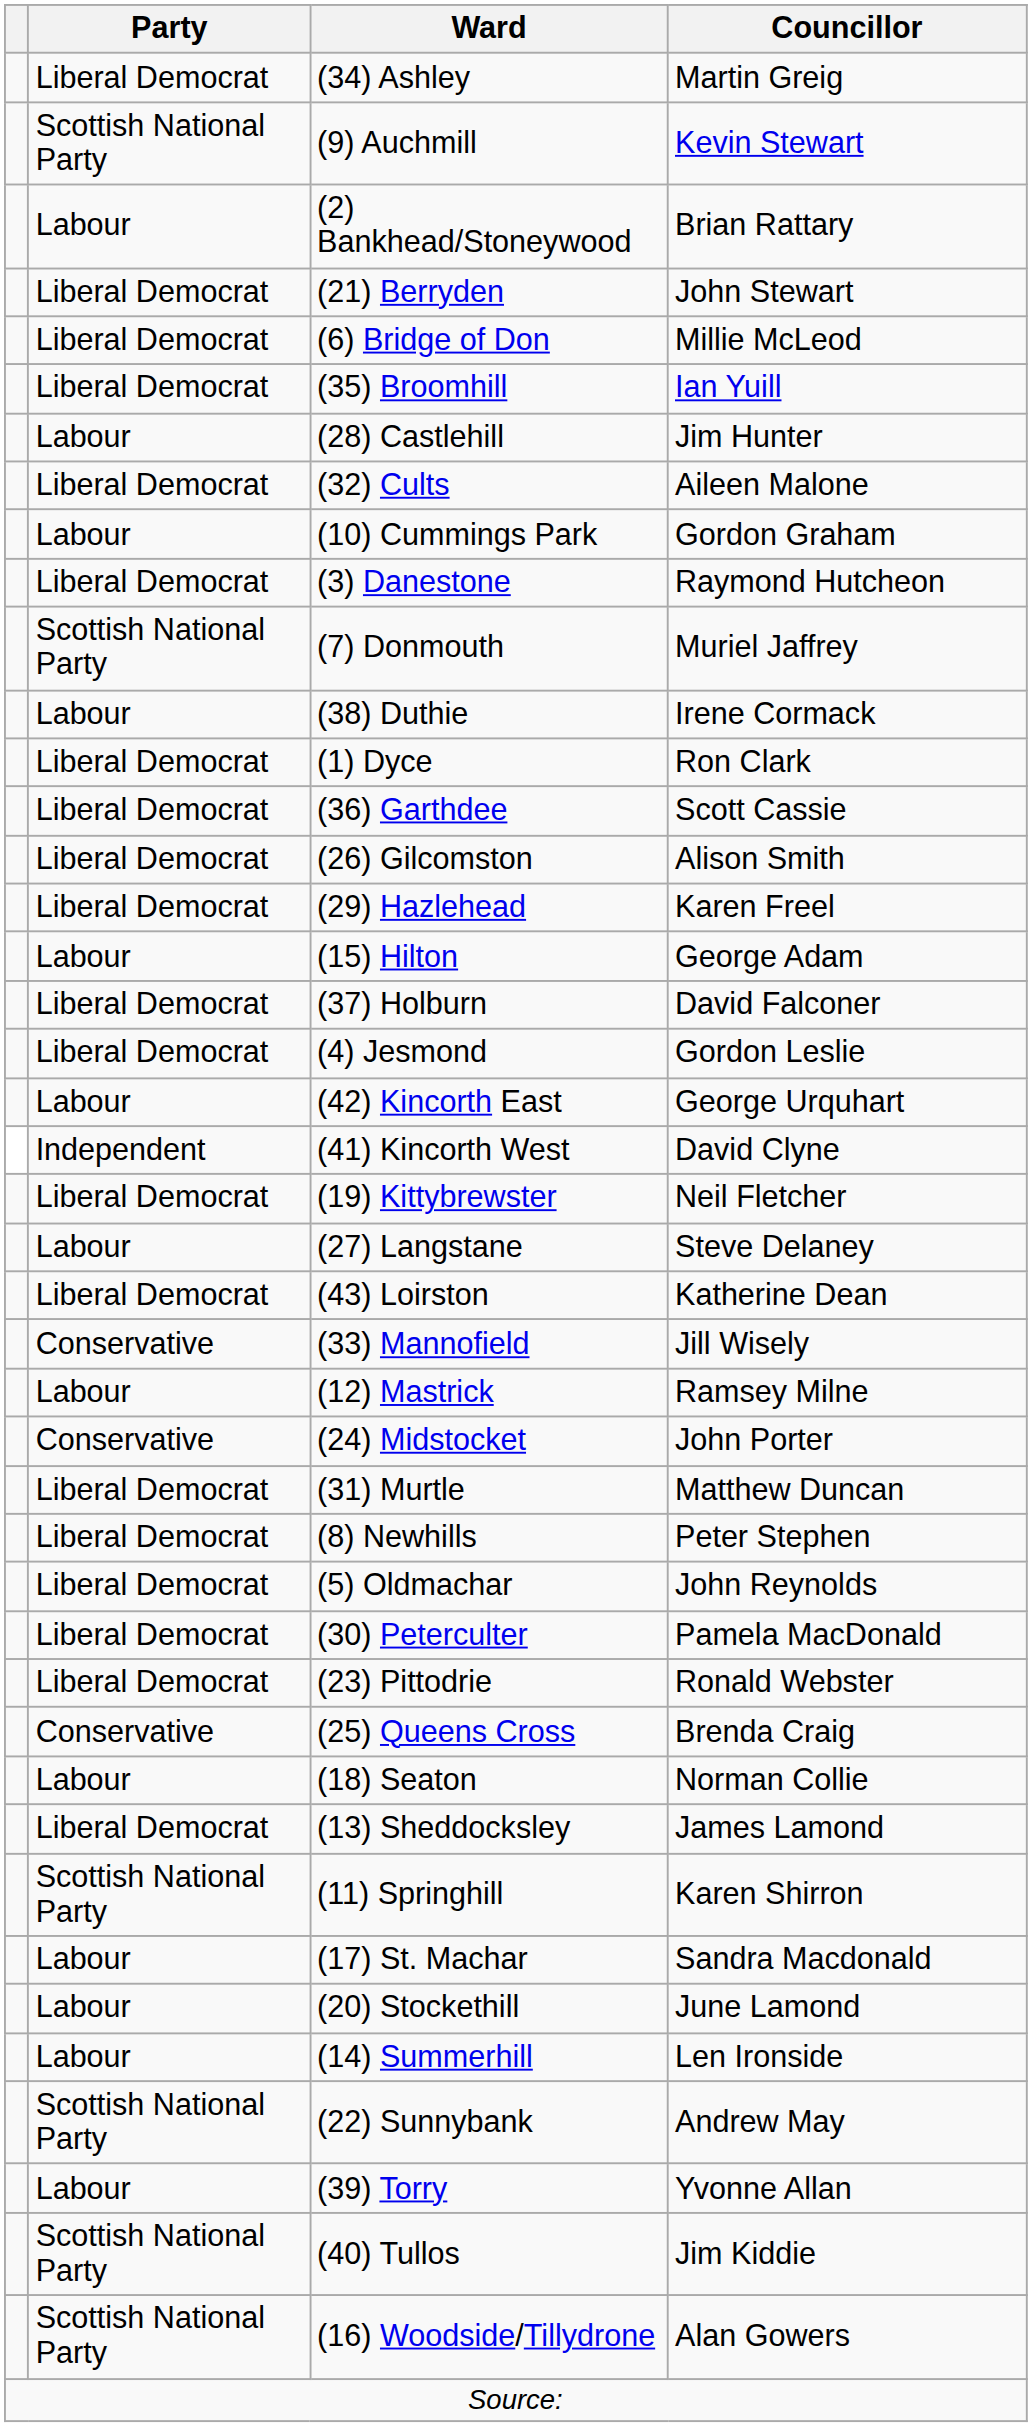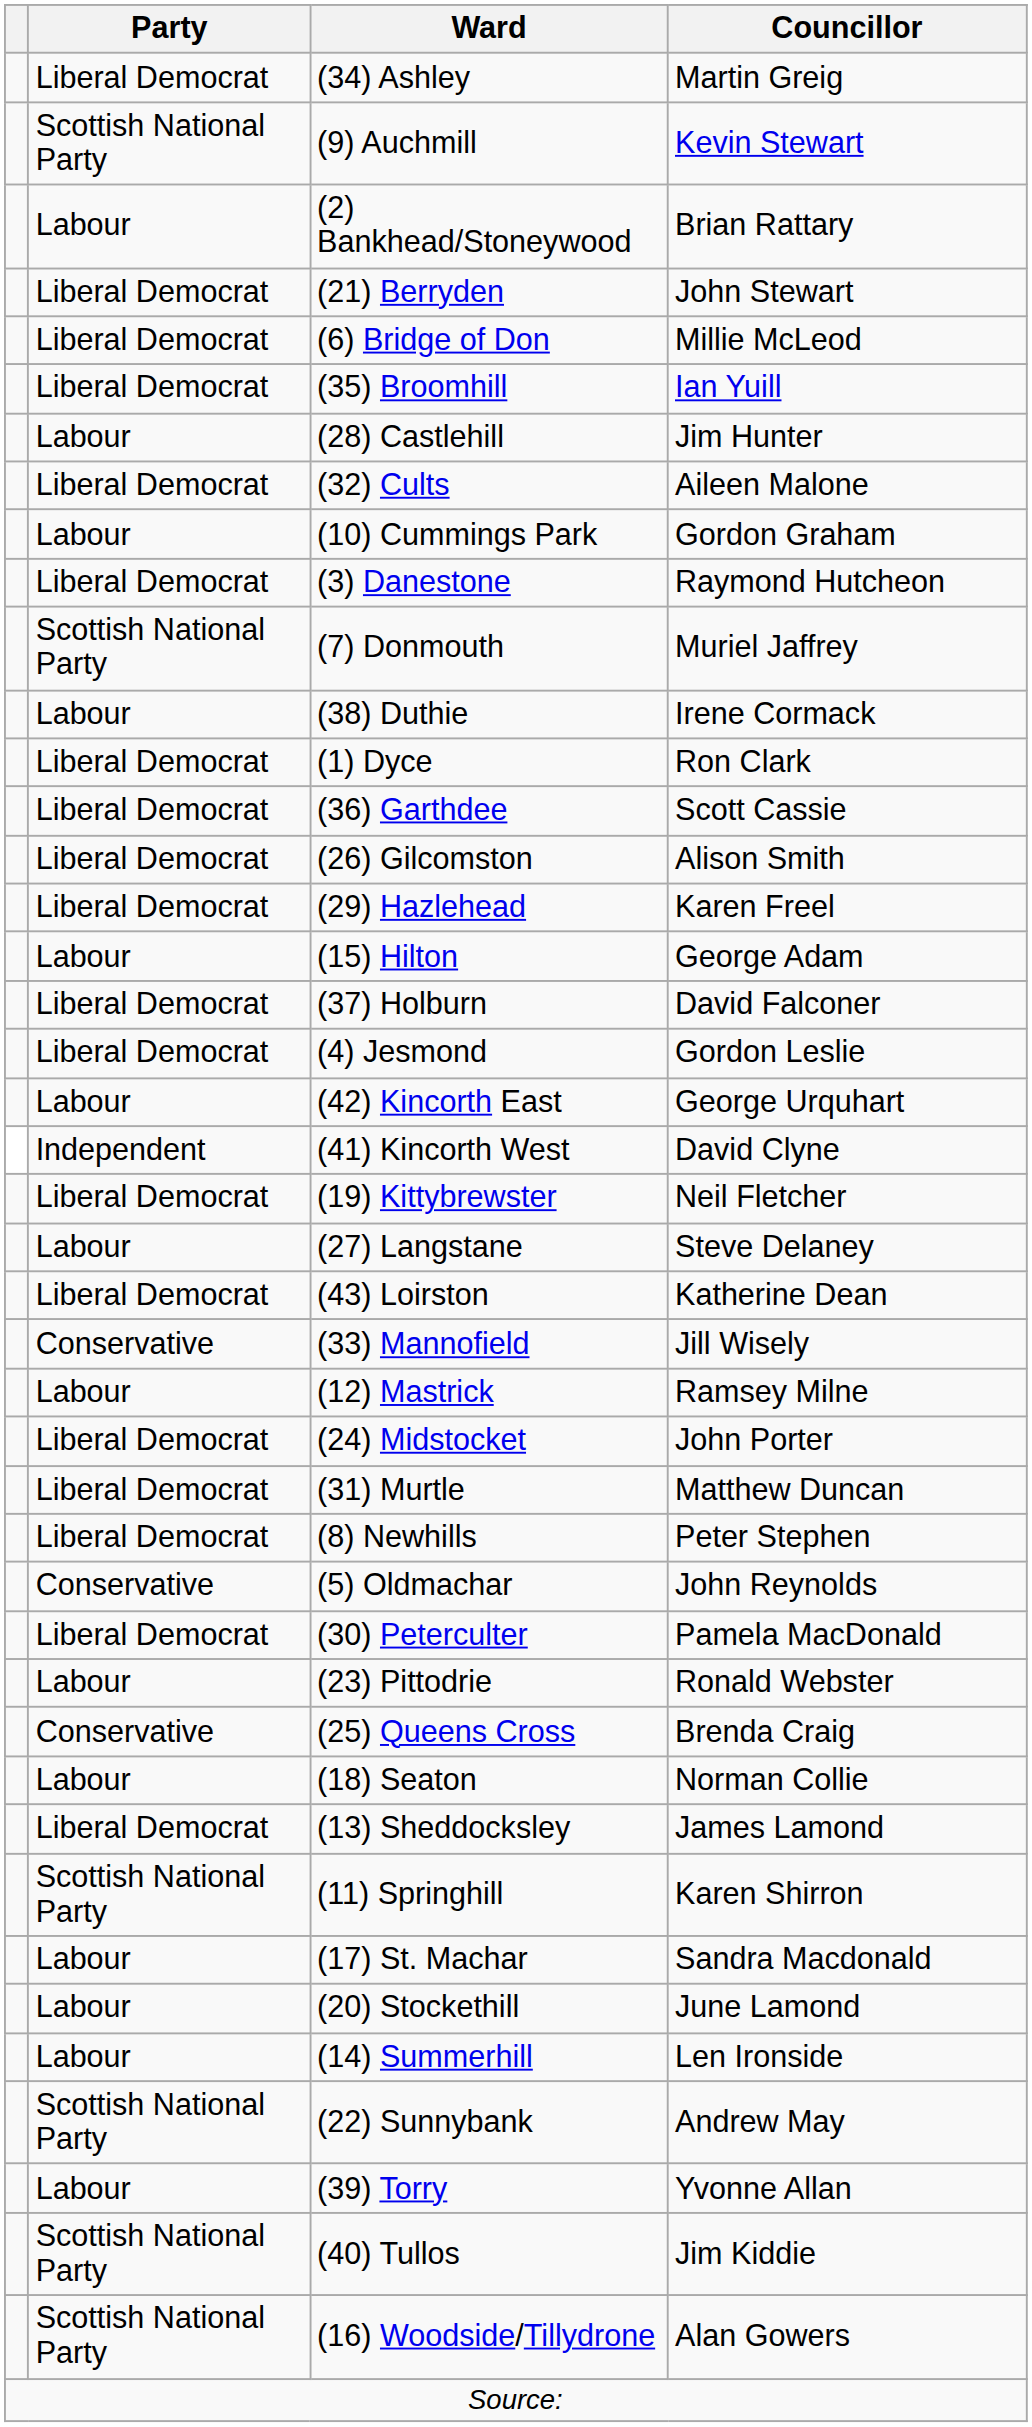 <table class="wikitable">
 <tr>
 <th width="5"></th>
 <th width="140">Party</th>
 <th width="180">Ward</th>
 <th width="180">Councillor</th>
 </tr>
 <tr>
 <td></td>
 <td>Liberal Democrat</td>
 <td>(34) Ashley</td>
 <td>Martin Greig</td>
 </tr>
 <tr>
 <td></td>
 <td>Scottish National Party</td>
 <td>(9) Auchmill</td>
 <td><a href='#'>Kevin Stewart</a></td>
 </tr>
 <tr>
 <td></td>
 <td>Labour</td>
 <td>(2) Bankhead/Stoneywood</td>
 <td>Brian Rattary</td>
 </tr>
 <tr>
 <td></td>
 <td>Liberal Democrat</td>
 <td>(21) <a href='#'>Berryden</a></td>
 <td>John Stewart</td>
 </tr>
 <tr>
 <td></td>
 <td>Liberal Democrat</td>
 <td>(6) <a href='#'>Bridge of Don</a></td>
 <td>Millie McLeod</td>
 </tr>
 <tr>
 <td></td>
 <td>Liberal Democrat</td>
 <td>(35) <a href='#'>Broomhill</a></td>
 <td><a href='#'>Ian Yuill</a></td>
 </tr>
 <tr>
 <td></td>
 <td>Labour</td>
 <td>(28) Castlehill</td>
 <td>Jim Hunter</td>
 </tr>
 <tr>
 <td></td>
 <td>Liberal Democrat</td>
 <td>(32) <a href='#'>Cults</a></td>
 <td>Aileen Malone</td>
 </tr>
 <tr>
 <td></td>
 <td>Labour</td>
 <td>(10) Cummings Park</td>
 <td>Gordon Graham</td>
 </tr>
 <tr>
 <td></td>
 <td>Liberal Democrat</td>
 <td>(3) <a href='#'>Danestone</a></td>
 <td>Raymond Hutcheon</td>
 </tr>
 <tr>
 <td></td>
 <td>Scottish National Party</td>
 <td>(7) Donmouth</td>
 <td>Muriel Jaffrey</td>
 </tr>
 <tr>
 <td></td>
 <td>Labour</td>
 <td>(38) Duthie</td>
 <td>Irene Cormack</td>
 </tr>
 <tr>
 <td></td>
 <td>Liberal Democrat</td>
 <td>(1) Dyce</td>
 <td>Ron Clark</td>
 </tr>
 <tr>
 <td></td>
 <td>Liberal Democrat</td>
 <td>(36) <a href='#'>Garthdee</a></td>
 <td>Scott Cassie</td>
 </tr>
 <tr>
 <td></td>
 <td>Liberal Democrat</td>
 <td>(26) Gilcomston</td>
 <td>Alison Smith</td>
 </tr>
 <tr>
 <td></td>
 <td>Liberal Democrat</td>
 <td>(29) <a href='#'>Hazlehead</a></td>
 <td>Karen Freel</td>
 </tr>
 <tr>
 <td></td>
 <td>Labour</td>
 <td>(15) <a href='#'>Hilton</a></td>
 <td>George Adam</td>
 </tr>
 <tr>
 <td></td>
 <td>Liberal Democrat</td>
 <td>(37) Holburn</td>
 <td>David Falconer</td>
 </tr>
 <tr>
 <td></td>
 <td>Liberal Democrat</td>
 <td>(4) Jesmond</td>
 <td>Gordon Leslie</td>
 </tr>
 <tr>
 <td></td>
 <td>Labour</td>
 <td>(42) <a href='#'>Kincorth</a> East</td>
 <td>George Urquhart</td>
 </tr>
 <tr>
 <td bgcolor="white"></td>
 <td>Independent</td>
 <td>(41) Kincorth West</td>
 <td>David Clyne</td>
 </tr>
 <tr>
 <td></td>
 <td>Liberal Democrat</td>
 <td>(19) <a href='#'>Kittybrewster</a></td>
 <td>Neil Fletcher</td>
 </tr>
 <tr>
 <td></td>
 <td>Labour</td>
 <td>(27) Langstane</td>
 <td>Steve Delaney</td>
 </tr>
 <tr>
 <td></td>
 <td>Liberal Democrat</td>
 <td>(43) Loirston</td>
 <td>Katherine Dean</td>
 </tr>
 <tr>
 <td></td>
 <td>Conservative</td>
 <td>(33) <a href='#'>Mannofield</a></td>
 <td>Jill Wisely</td>
 </tr>
 <tr>
 <td></td>
 <td>Labour</td>
 <td>(12) <a href='#'>Mastrick</a></td>
 <td>Ramsey Milne</td>
 </tr>
 <tr>
 <td></td>
-<td>Conservative</td>
+<td>Liberal Democrat</td>
 <td>(24) <a href='#'>Midstocket</a></td>
 <td>John Porter</td>
 </tr>
 <tr>
 <td></td>
 <td>Liberal Democrat</td>
 <td>(31) Murtle</td>
 <td>Matthew Duncan</td>
 </tr>
 <tr>
 <td></td>
 <td>Liberal Democrat</td>
 <td>(8) Newhills</td>
 <td>Peter Stephen</td>
 </tr>
 <tr>
 <td></td>
-<td>Liberal Democrat</td>
+<td>Conservative</td>
 <td>(5) Oldmachar</td>
 <td>John Reynolds</td>
 </tr>
 <tr>
 <td></td>
 <td>Liberal Democrat</td>
 <td>(30) <a href='#'>Peterculter</a></td>
 <td>Pamela MacDonald</td>
 </tr>
 <tr>
 <td></td>
-<td>Liberal Democrat</td>
+<td>Labour</td>
 <td>(23) Pittodrie</td>
 <td>Ronald Webster</td>
 </tr>
 <tr>
 <td></td>
 <td>Conservative</td>
 <td>(25) <a href='#'>Queens Cross</a></td>
 <td>Brenda Craig</td>
 </tr>
 <tr>
 <td></td>
 <td>Labour</td>
 <td>(18) Seaton</td>
 <td>Norman Collie</td>
 </tr>
 <tr>
 <td></td>
 <td>Liberal Democrat</td>
 <td>(13) Sheddocksley</td>
 <td>James Lamond</td>
 </tr>
 <tr>
 <td></td>
 <td>Scottish National Party</td>
 <td>(11) Springhill</td>
 <td>Karen Shirron</td>
 </tr>
 <tr>
 <td></td>
 <td>Labour</td>
 <td>(17) St. Machar</td>
 <td>Sandra Macdonald</td>
 </tr>
 <tr>
 <td></td>
 <td>Labour</td>
 <td>(20) Stockethill</td>
 <td>June Lamond</td>
 </tr>
 <tr>
 <td></td>
 <td>Labour</td>
 <td>(14) <a href='#'>Summerhill</a></td>
 <td>Len Ironside</td>
 </tr>
 <tr>
 <td></td>
 <td>Scottish National Party</td>
 <td>(22) Sunnybank</td>
 <td>Andrew May</td>
 </tr>
 <tr>
 <td></td>
 <td>Labour</td>
 <td>(39) <a href='#'>Torry</a></td>
 <td>Yvonne Allan</td>
 </tr>
 <tr>
 <td></td>
 <td>Scottish National Party</td>
 <td>(40) Tullos</td>
 <td>Jim Kiddie</td>
 </tr>
 <tr>
 <td></td>
 <td>Scottish National Party</td>
 <td>(16) <a href='#'>Woodside</a>/<a href='#'>Tillydrone</a></td>
 <td>Alan Gowers</td>
 </tr>
 <tr>
 <td colspan="14" style="text-align:center;font-size:90%;"><em>Source: </em></td>
 </tr>
 </table>
